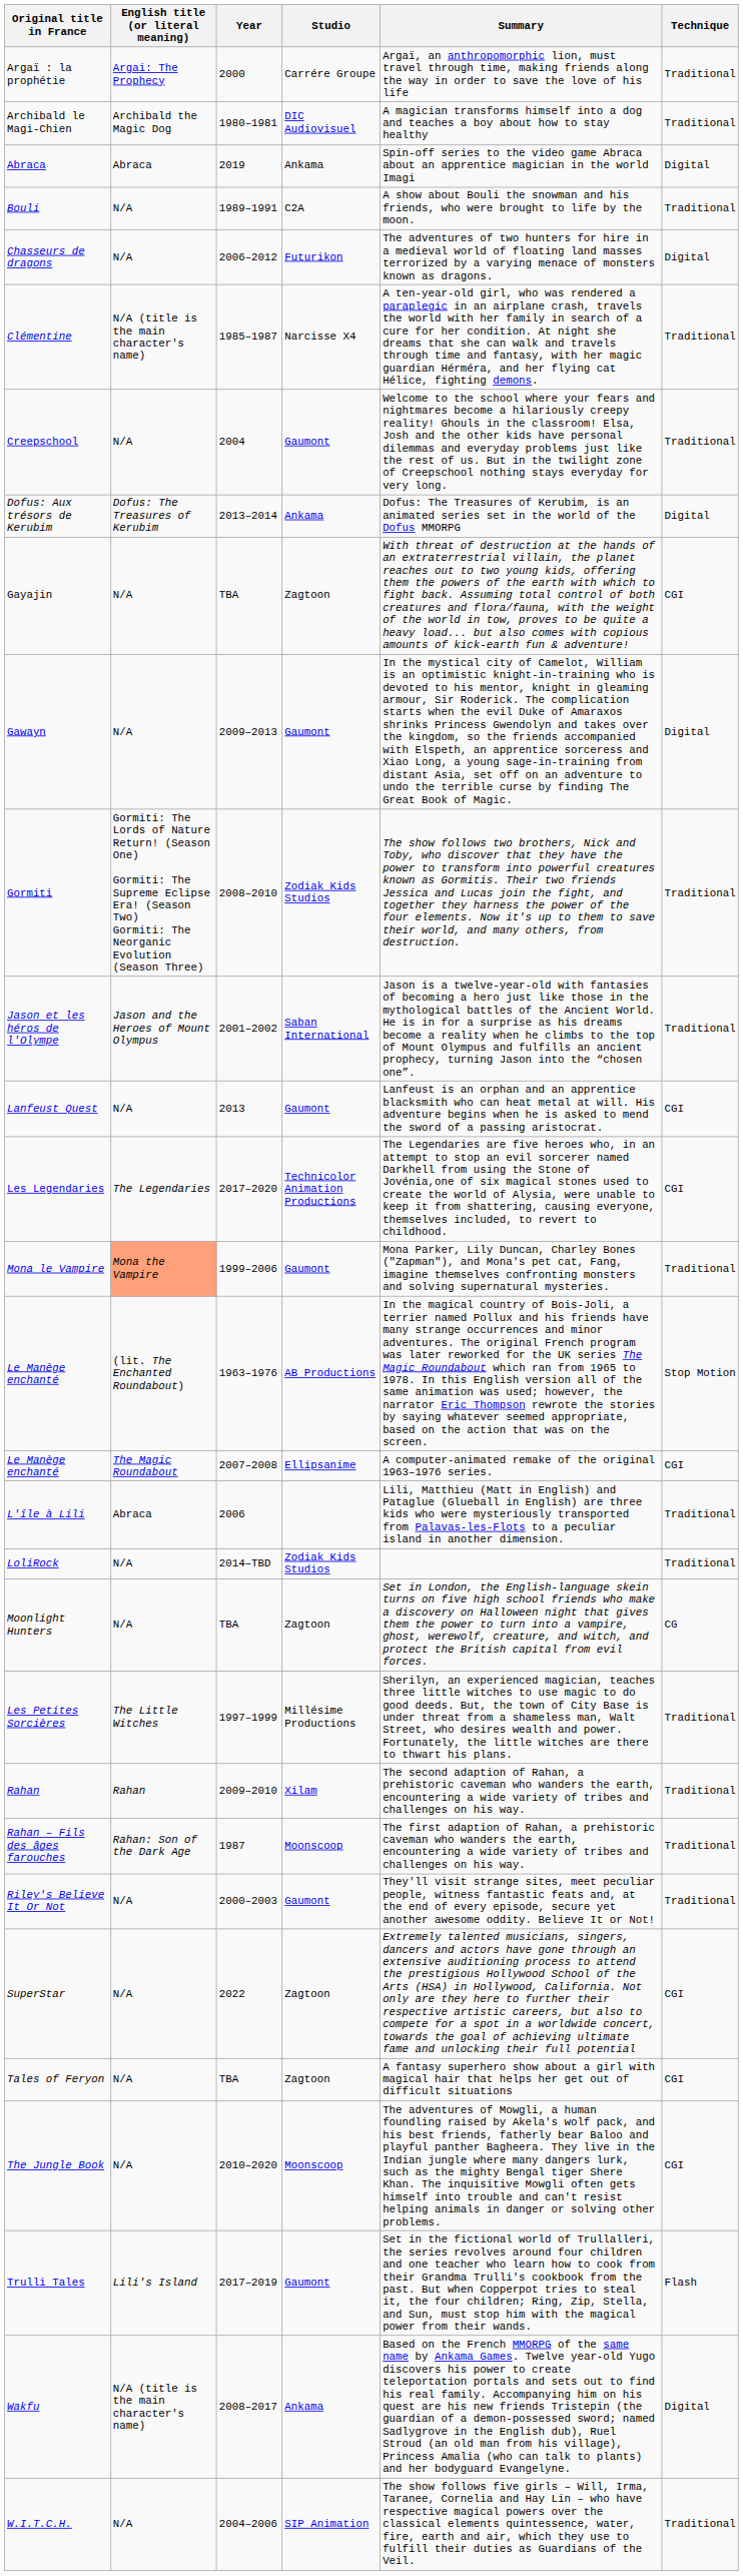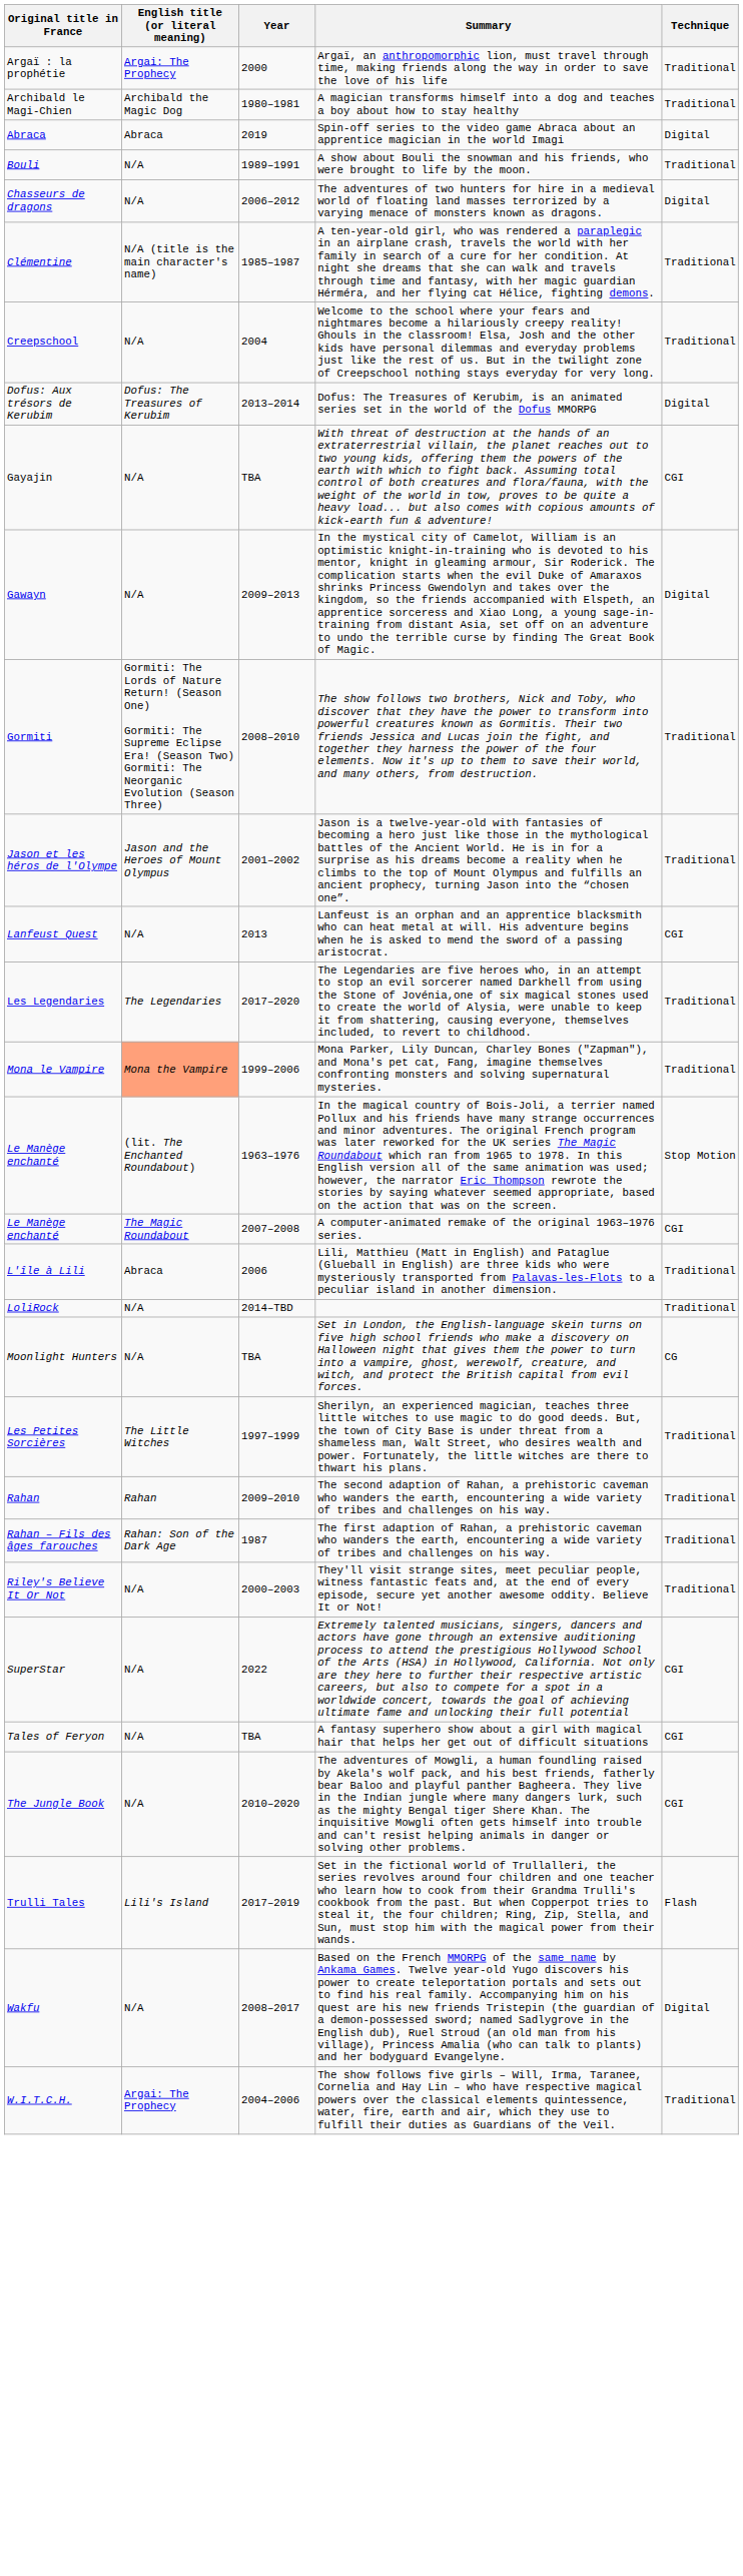 <table class="wikitable sortable" style="width:100%;">
 <tr>
 <th style="width:150px;">Original title in France</th>
 <th style="width:150px;">English title<br>(or literal meaning)</th>
 <th style="width:100px;">Year</th>
-<th style="width:120px;">Studio</th>
 <th style="width:500px;">Summary</th>
 <th>Technique</th>
 </tr>
 <tr>
 <td>Argaï : la prophétie</td>
 <td><a href='#'>Argai: The Prophecy</a></td>
 <td>2000</td>
-<td>Carrére Groupe</td>
 <td>Argaï, an <a href='#'>anthropomorphic</a> lion, must travel through time, making friends along the way in order to save the love of his life</td>
 <td>Traditional</td>
 </tr>
 <tr>
 <td>Archibald le Magi-Chien</td>
 <td>Archibald the Magic Dog</td>
 <td>1980–1981</td>
-<td><a href='#'>DIC Audiovisuel</a></td>
 <td>A magician transforms himself into a dog and teaches a boy about how to stay healthy</td>
 <td>Traditional</td>
 </tr>
 <tr>
 <td><a href='#'>Abraca</a></td>
 <td>Abraca</td>
 <td>2019</td>
-<td>Ankama</td>
 <td>Spin-off series to the video game Abraca about an apprentice magician in the world Imagi</td>
 <td>Digital</td>
 </tr>
 <tr>
 <td><em><a href='#'>Bouli</a></em></td>
 <td>N/A</td>
 <td>1989–1991</td>
-<td>C2A</td>
 <td>A show about Bouli the snowman and his friends, who were brought to life by the moon.</td>
 <td>Traditional</td>
 </tr>
 <tr>
 <td><em><a href='#'>Chasseurs de dragons</a></em></td>
 <td>N/A</td>
 <td>2006–2012</td>
-<td><a href='#'>Futurikon</a></td>
 <td>The adventures of two hunters for hire in a medieval world of floating land masses terrorized by a varying menace of monsters known as dragons.</td>
 <td>Digital</td>
 </tr>
 <tr>
 <td><em><a href='#'>Clémentine</a></em></td>
 <td>N/A (title is the main character's name)</td>
 <td>1985–1987</td>
-<td>Narcisse X4</td>
 <td>A ten-year-old girl, who was rendered a <a href='#'>paraplegic</a> in an airplane crash, travels the world with her family in search of a cure for her condition. At night she dreams that she can walk and travels through time and fantasy, with her magic guardian Hérméra, and her flying cat Hélice, fighting <a href='#'>demons</a>.</td>
 <td>Traditional</td>
 </tr>
 <tr>
 <td><a href='#'>Creepschool</a></td>
 <td>N/A</td>
 <td>2004</td>
-<td><a href='#'>Gaumont</a></td>
 <td>Welcome to the school where your fears and nightmares become a hilariously creepy reality! Ghouls in the classroom! Elsa, Josh and the other kids have personal dilemmas and everyday problems just like the rest of us. But in the twilight zone of Creepschool nothing stays everyday for very long.</td>
 <td>Traditional</td>
 </tr>
 <tr>
 <td><em>Dofus: Aux trésors de Kerubim</em></td>
 <td><em>Dofus: The Treasures of Kerubim</em></td>
 <td>2013–2014</td>
-<td><a href='#'>Ankama</a></td>
 <td>Dofus: The Treasures of Kerubim, is an animated series set in the world of the <a href='#'>Dofus</a> MMORPG</td>
 <td>Digital</td>
 </tr>
 <tr>
 <td>Gayajin</td>
 <td>N/A</td>
 <td>TBA</td>
-<td>Zagtoon</td>
 <td><em>With threat of destruction at the hands of an extraterrestrial villain, the planet reaches out to two young kids, offering them the powers of the earth with which to fight back. Assuming total control of both creatures and flora/fauna, with the weight of the world in tow, proves to be quite a heavy load... but also comes with copious amounts of kick-earth fun & adventure!</em></td>
 <td>CGI</td>
 </tr>
 <tr>
 <td><a href='#'>Gawayn</a></td>
 <td>N/A</td>
 <td>2009–2013</td>
-<td><a href='#'>Gaumont</a></td>
 <td>In the mystical city of Camelot, William is an optimistic knight-in-training who is devoted to his mentor, knight in gleaming armour, Sir Roderick. The complication starts when the evil Duke of Amaraxos shrinks Princess Gwendolyn and takes over the kingdom, so the friends accompanied with Elspeth, an apprentice sorceress and Xiao Long, a young sage-in-training from distant Asia, set off on an adventure to undo the terrible curse by finding The Great Book of Magic.</td>
 <td>Digital</td>
 </tr>
 <tr>
 <td><a href='#'>Gormiti</a></td>
 <td>Gormiti: The Lords of Nature Return! (Season One)<br><br>Gormiti: The Supreme Eclipse Era! (Season Two)<br> Gormiti: The Neorganic Evolution (Season Three)</td>
 <td>2008–2010</td>
-<td><a href='#'>Zodiak Kids Studios</a></td>
 <td><em>The show follows two brothers, Nick and Toby, who discover that they have the power to transform into powerful creatures known as Gormitis. Their two friends Jessica and Lucas join the fight, and together they harness the power of the four elements. Now it's up to them to save their world, and many others, from destruction.</em></td>
 <td>Traditional</td>
 </tr>
 <tr>
 <td><em><a href='#'>Jason et les héros de l'Olympe</a></em></td>
 <td><em>Jason and the Heroes of Mount Olympus</em></td>
 <td>2001–2002</td>
-<td><a href='#'>Saban International</a></td>
 <td>Jason is a twelve-year-old with fantasies of becoming a hero just like those in the mythological battles of the Ancient World. He is in for a surprise as his dreams become a reality when he climbs to the top of Mount Olympus and fulfills an ancient prophecy, turning Jason into the “chosen one”.</td>
 <td>Traditional</td>
 </tr>
 <tr>
 <td><em><a href='#'>Lanfeust Quest</a></em></td>
 <td>N/A</td>
 <td>2013</td>
-<td><a href='#'>Gaumont</a></td>
 <td>Lanfeust is an orphan and an apprentice blacksmith who can heat metal at will. His adventure begins when he is asked to mend the sword of a passing aristocrat.</td>
 <td>CGI</td>
 </tr>
 <tr>
 <td><a href='#'>Les Legendaries</a></td>
 <td><em>The Legendaries</em></td>
 <td>2017–2020</td>
-<td><a href='#'>Technicolor Animation Productions</a></td>
 <td>The Legendaries are five heroes who, in an attempt to stop an evil sorcerer named Darkhell from using the Stone of Jovénia,one of six magical stones used to create the world of Alysia, were unable to keep it from shattering, causing everyone, themselves included, to revert to childhood.</td>
-<td>CGI</td>
+<td>Traditional</td>
 </tr>
 <tr>
 <td><em><a href='#'>Mona le Vampire</a></em></td>
 <td style="background: lightsalmon;"><em>Mona the Vampire</em></td>
 <td>1999–2006</td>
-<td><a href='#'>Gaumont</a></td>
 <td>Mona Parker, Lily Duncan, Charley Bones ("Zapman"), and Mona's pet cat, Fang, imagine themselves confronting monsters and solving supernatural mysteries.</td>
 <td>Traditional</td>
 </tr>
 <tr>
 <td><em><a href='#'>Le Manège enchanté</a></em></td>
 <td>(lit. <em>The Enchanted Roundabout</em>)</td>
 <td>1963–1976</td>
-<td><a href='#'>AB Productions</a></td>
 <td>In the magical country of Bois-Joli, a terrier named Pollux and his friends have many strange occurrences and minor adventures. The original French program was later reworked for the UK series <em><a href='#'>The Magic Roundabout</a></em> which ran from 1965 to 1978. In this English version all of the same animation was used; however, the narrator <a href='#'>Eric Thompson</a> rewrote the stories by saying whatever seemed appropriate, based on the action that was on the screen.</td>
 <td>Stop Motion</td>
 </tr>
 <tr>
 <td><em><a href='#'>Le Manège enchanté</a></em></td>
 <td><em><a href='#'>The Magic Roundabout</a></em></td>
 <td>2007–2008</td>
-<td><a href='#'>Ellipsanime</a></td>
 <td>A computer-animated remake of the original 1963–1976 series.</td>
 <td>CGI</td>
 </tr>
 <tr>
 <td><em><a href='#'>L'île à Lili</a></em></td>
 <td>Abraca</td>
 <td>2006</td>
-<td></td>
 <td>Lili, Matthieu (Matt in English) and Pataglue (Glueball in English) are three kids who were mysteriously transported from <a href='#'>Palavas-les-Flots</a> to a peculiar island in another dimension.</td>
 <td>Traditional</td>
 </tr>
 <tr>
 <td><em><a href='#'>LoliRock</a></em></td>
 <td>N/A</td>
 <td>2014–TBD</td>
-<td><a href='#'>Zodiak Kids Studios</a></td>
 <td></td>
 <td>Traditional</td>
 </tr>
 <tr>
 <td><em>Moonlight Hunters</em></td>
 <td>N/A</td>
 <td>TBA</td>
-<td>Zagtoon</td>
 <td><em>Set in London, the English-language skein turns on five high school friends who make a discovery on Halloween night that gives them the power to turn into a vampire, ghost, werewolf, creature, and witch, and protect the British capital from evil forces.</em></td>
 <td>CG</td>
 </tr>
 <tr>
 <td><em><a href='#'>Les Petites Sorcières</a></em></td>
 <td><em>The Little Witches</em></td>
 <td>1997–1999</td>
-<td>Millésime Productions</td>
 <td>Sherilyn, an experienced magician, teaches three little witches to use magic to do good deeds. But, the town of City Base is under threat from a shameless man, Walt Street, who desires wealth and power. Fortunately, the little witches are there to thwart his plans.</td>
 <td>Traditional</td>
 </tr>
 <tr>
 <td><em><a href='#'>Rahan</a></em></td>
 <td><em>Rahan</em></td>
 <td>2009–2010</td>
-<td><a href='#'>Xilam</a></td>
 <td>The second adaption of Rahan, a prehistoric caveman who wanders the earth, encountering a wide variety of tribes and challenges on his way.</td>
 <td>Traditional</td>
 </tr>
 <tr>
 <td><em><a href='#'>Rahan – Fils des âges farouches</a></em></td>
 <td><em>Rahan: Son of the Dark Age</em></td>
 <td>1987</td>
-<td><a href='#'>Moonscoop</a></td>
 <td>The first adaption of Rahan, a prehistoric caveman who wanders the earth, encountering a wide variety of tribes and challenges on his way.</td>
 <td>Traditional</td>
 </tr>
 <tr>
 <td><em><a href='#'>Riley's Believe It Or Not</a></em></td>
 <td>N/A</td>
 <td>2000–2003</td>
-<td><a href='#'>Gaumont</a></td>
 <td>They'll visit strange sites, meet peculiar people, witness fantastic feats and, at the end of every episode, secure yet another awesome oddity. Believe It or Not!</td>
 <td>Traditional</td>
 </tr>
 <tr>
 <td><em>SuperStar</em></td>
 <td>N/A</td>
 <td>2022</td>
-<td>Zagtoon</td>
 <td><em>Extremely talented musicians, singers, dancers and actors have gone through an extensive auditioning process to attend the prestigious Hollywood School of the Arts (HSA) in Hollywood, California. Not only are they here to further their respective artistic careers, but also to compete for a spot in a worldwide concert, towards the goal of achieving ultimate fame and unlocking their full potential</em></td>
 <td>CGI</td>
 </tr>
 <tr>
 <td><em>Tales of Feryon</em></td>
 <td>N/A</td>
 <td>TBA</td>
-<td>Zagtoon</td>
 <td>A fantasy superhero show about a girl with magical hair that helps her get out of difficult situations</td>
 <td>CGI</td>
 </tr>
 <tr>
 <td><em><a href='#'>The Jungle Book</a></em></td>
 <td>N/A</td>
 <td>2010–2020</td>
-<td><a href='#'>Moonscoop</a></td>
 <td>The adventures of Mowgli, a human foundling raised by Akela's wolf pack, and his best friends, fatherly bear Baloo and playful panther Bagheera. They live in the Indian jungle where many dangers lurk, such as the mighty Bengal tiger Shere Khan. The inquisitive Mowgli often gets himself into trouble and can't resist helping animals in danger or solving other problems.</td>
 <td>CGI</td>
 </tr>
 <tr>
 <td><a href='#'>Trulli Tales</a></td>
 <td><em>Lili's Island</em></td>
 <td>2017–2019</td>
-<td><a href='#'>Gaumont</a></td>
 <td>Set in the fictional world of Trullalleri, the series revolves around four children and one teacher who learn how to cook from their Grandma Trulli's cookbook from the past. But when Copperpot tries to steal it, the four children; Ring, Zip, Stella, and Sun, must stop him with the magical power from their wands.</td>
 <td>Flash</td>
 </tr>
 <tr>
 <td><em><a href='#'>Wakfu</a></em></td>
-<td>N/A (title is the main character's name)</td>
+<td>N/A</td>
 <td>2008–2017</td>
-<td><a href='#'>Ankama</a></td>
 <td>Based on the French <a href='#'>MMORPG</a> of the <a href='#'>same name</a> by <a href='#'>Ankama Games</a>. Twelve year-old Yugo discovers his power to create teleportation portals and sets out to find his real family. Accompanying him on his quest are his new friends Tristepin (the guardian of a demon-possessed sword; named Sadlygrove in the English dub), Ruel Stroud (an old man from his village), Princess Amalia (who can talk to plants) and her bodyguard Evangelyne.</td>
 <td>Digital</td>
 </tr>
 <tr>
 <td><em><a href='#'>W.I.T.C.H.</a></em></td>
-<td>N/A</td>
+<td><a href='#'>Argai: The Prophecy</a></td>
 <td>2004–2006</td>
-<td><a href='#'>SIP Animation</a></td>
 <td>The show follows five girls – Will, Irma, Taranee, Cornelia and Hay Lin – who have respective magical powers over the classical elements quintessence, water, fire, earth and air, which they use to fulfill their duties as Guardians of the Veil.</td>
 <td>Traditional</td>
 </tr>
 </table>
